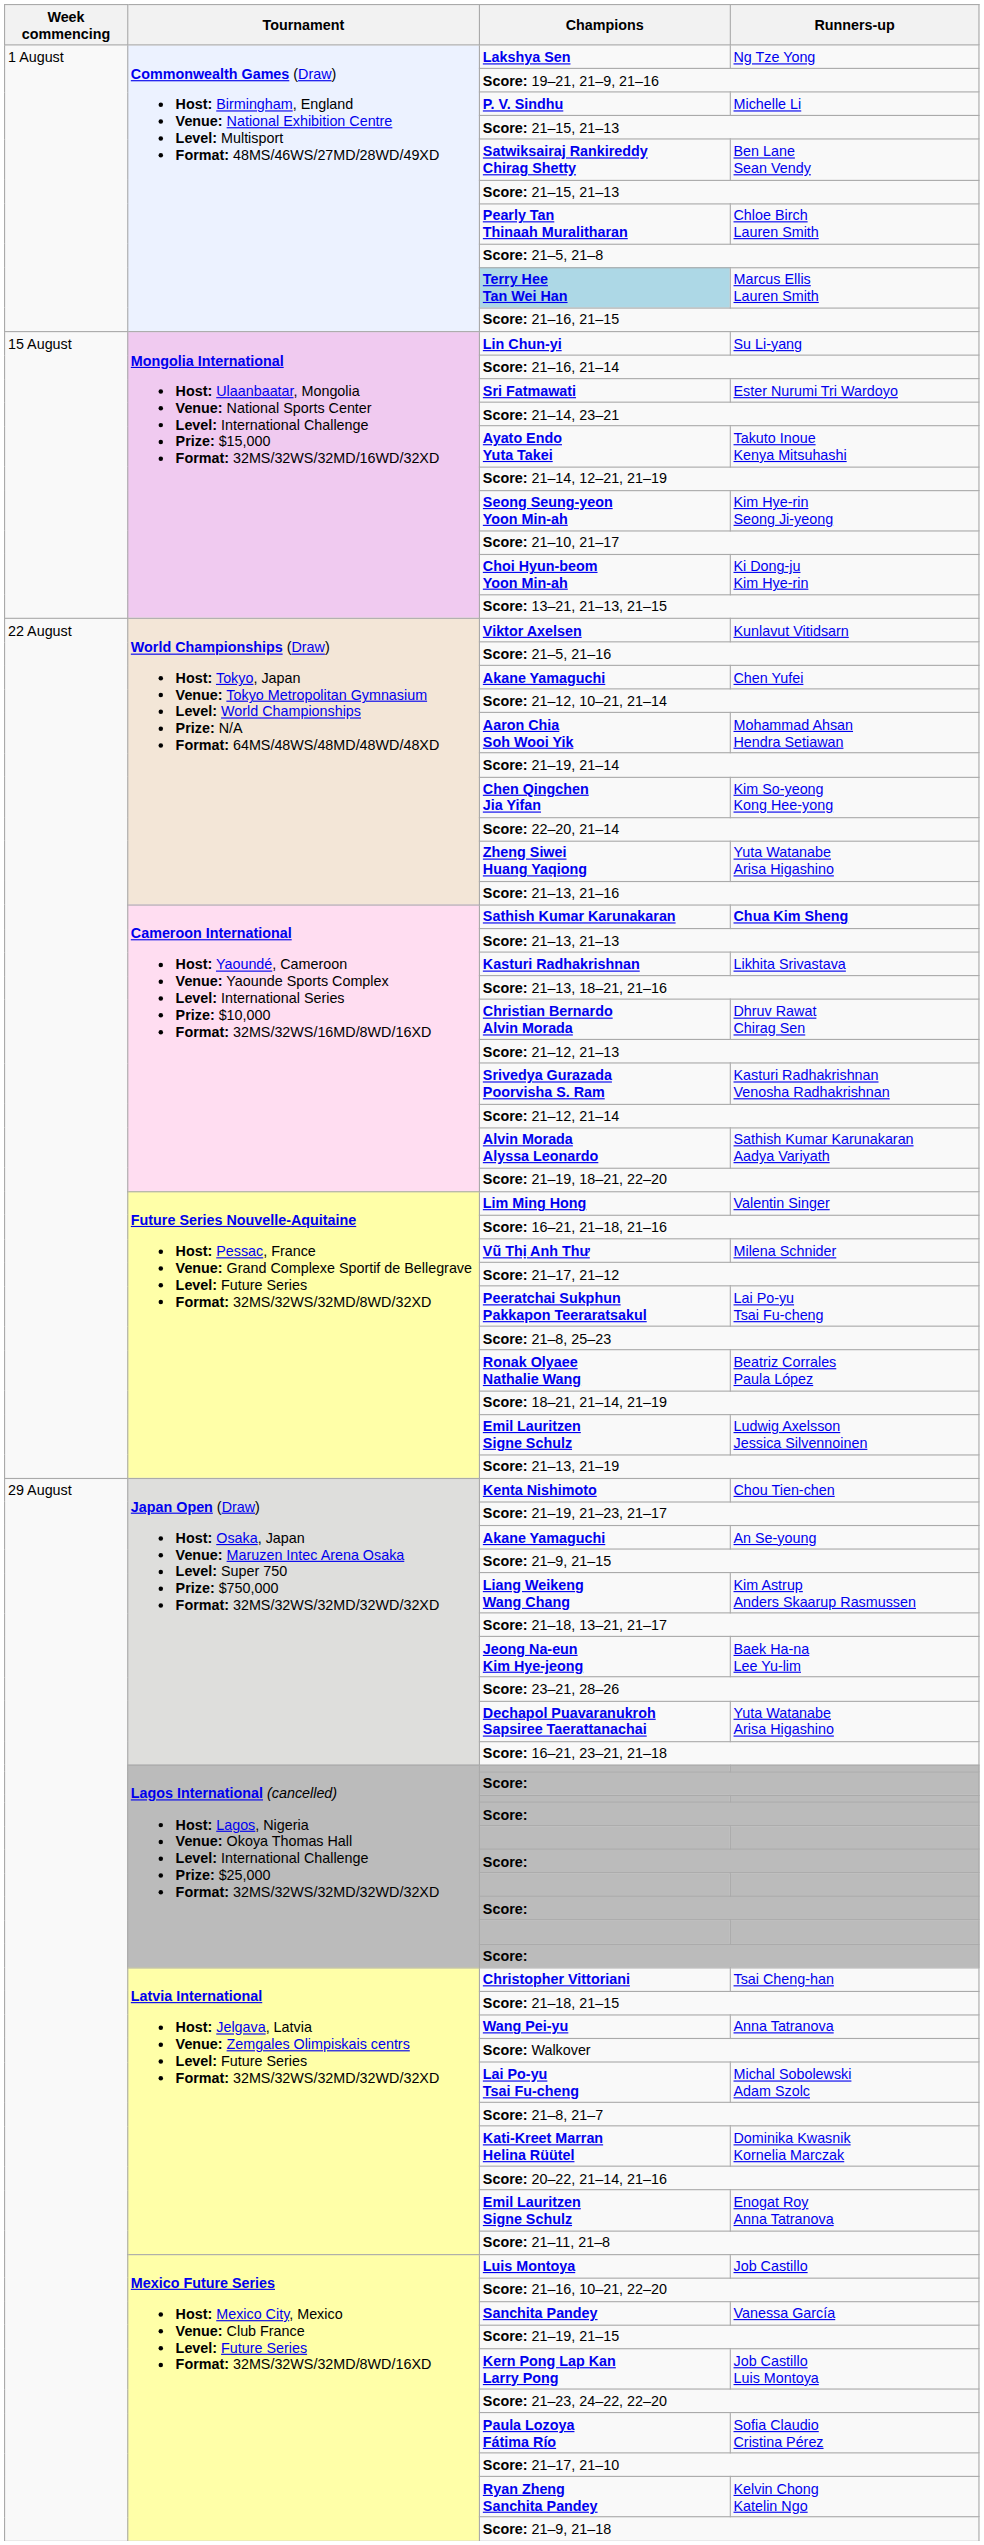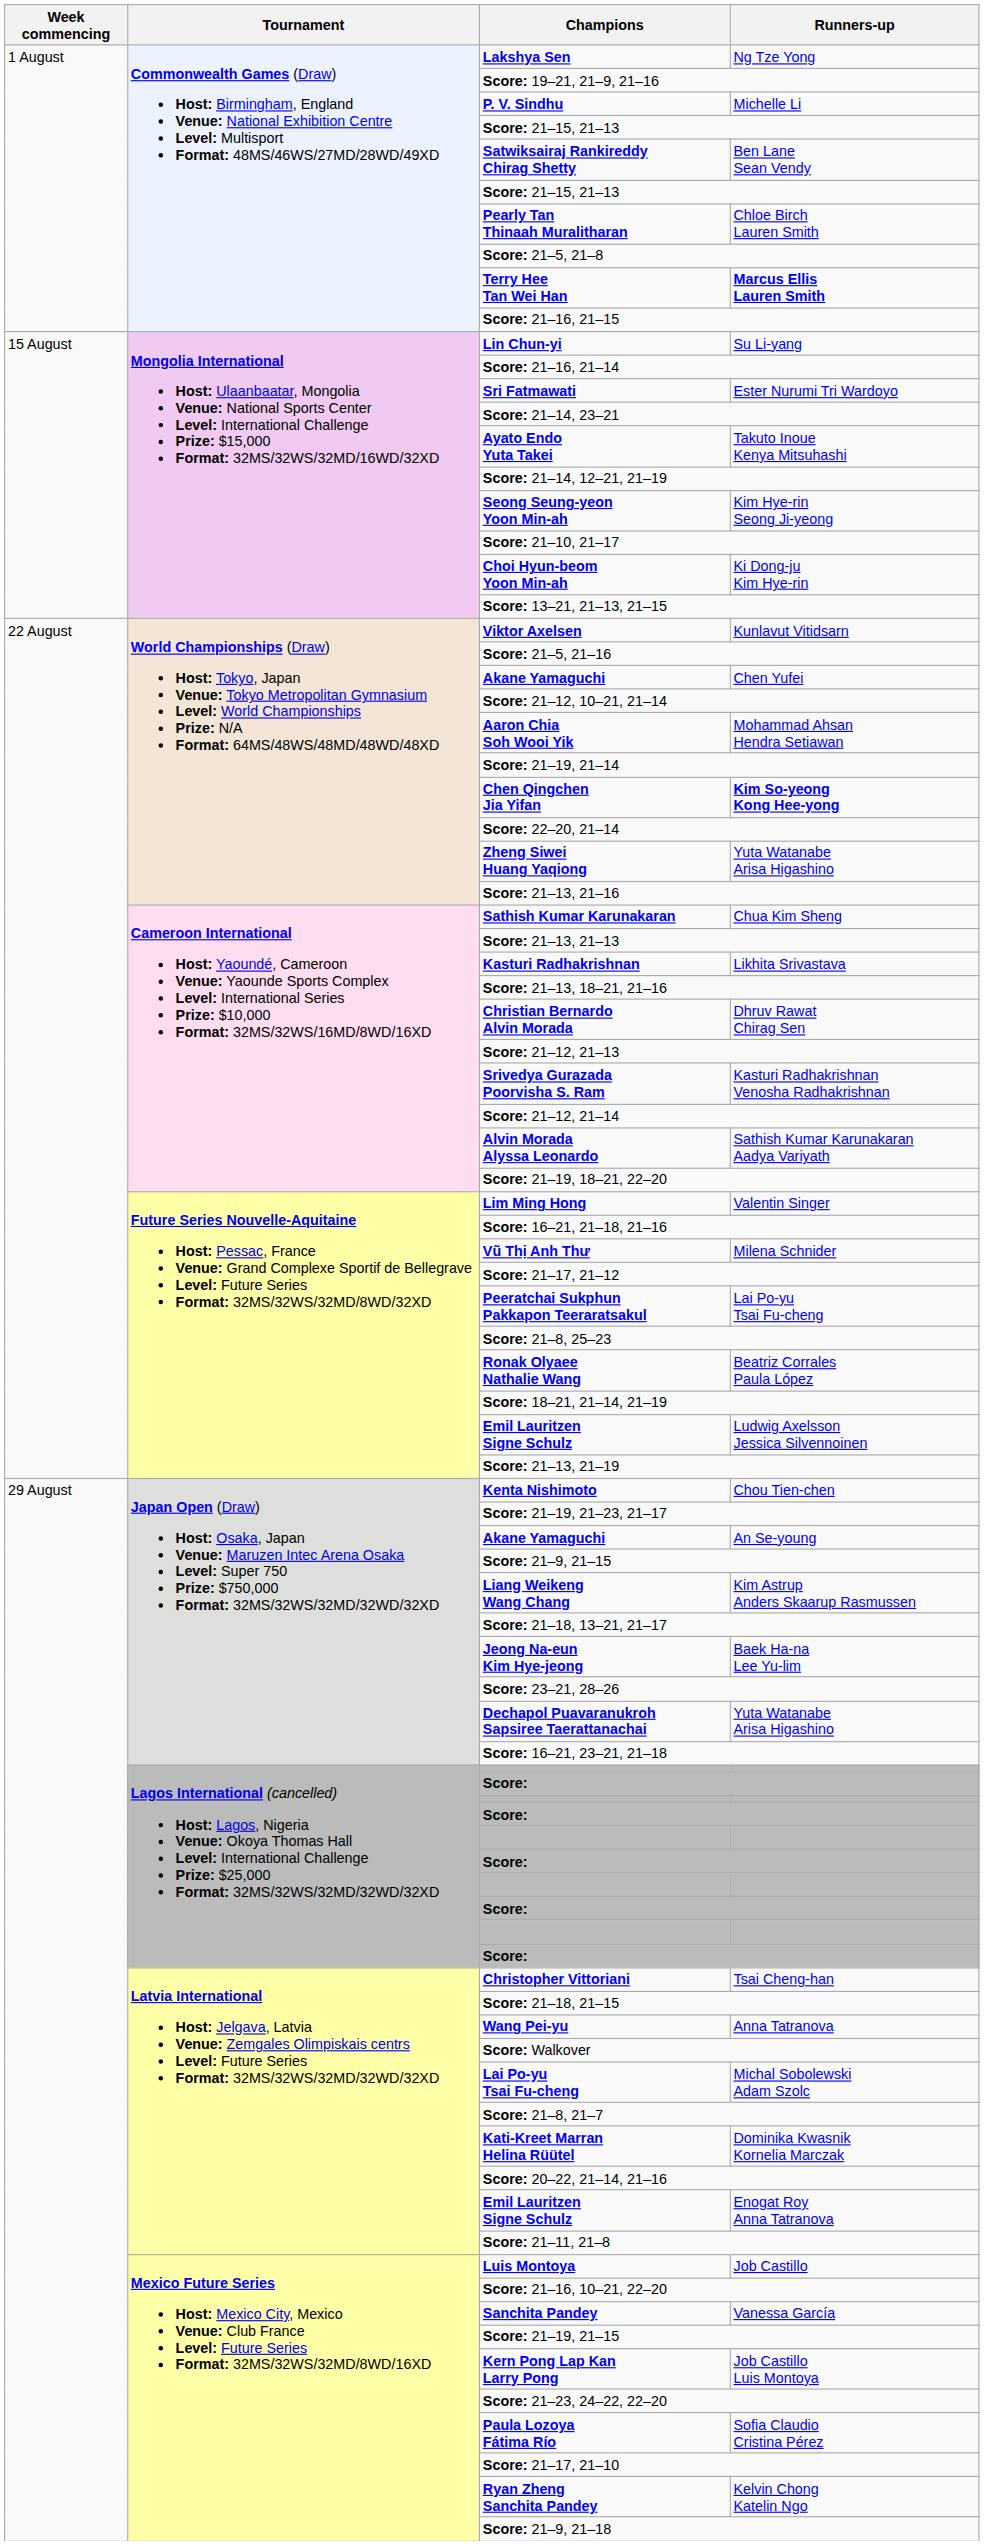 <table class="wikitable" style="font-size:80%">
 <tr>
 <th width="110">Week commencing</th>
 <th width="330">Tournament</th>
 <th width="250">Champions</th>
 <th width="250">Runners-up</th>
 </tr>
 <tr valign="top">
 <td rowspan="10">1 August</td>
 <td bgcolor="#ECF2FF" rowspan="10"><br><strong><a href='#'>Commonwealth Games</a></strong> (<a href='#'>Draw</a>)<ul><li><strong>Host:</strong> <a href='#'>Birmingham</a>, England</li><li><strong>Venue:</strong> <a href='#'>National Exhibition Centre</a></li><li><strong>Level:</strong> Multisport</li><li><strong>Format:</strong> 48MS/46WS/27MD/28WD/49XD</li></ul></td>
 <td><strong> <a href='#'>Lakshya Sen</a></strong></td>
 <td> <a href='#'>Ng Tze Yong</a></td>
 </tr>
 <tr>
 <td colspan="2"><strong>Score:</strong> 19–21, 21–9, 21–16</td>
 </tr>
 <tr valign="top">
 <td><strong> <a href='#'>P. V. Sindhu</a></strong></td>
 <td> <a href='#'>Michelle Li</a></td>
 </tr>
 <tr>
 <td colspan="2"><strong>Score:</strong> 21–15, 21–13</td>
 </tr>
 <tr valign="top">
 <td><strong> <a href='#'>Satwiksairaj Rankireddy</a><br> <a href='#'>Chirag Shetty</a></strong></td>
 <td> <a href='#'>Ben Lane</a><br> <a href='#'>Sean Vendy</a></td>
 </tr>
 <tr>
 <td colspan="2"><strong>Score:</strong> 21–15, 21–13</td>
 </tr>
 <tr valign="top">
 <td><strong> <a href='#'>Pearly Tan</a><br> <a href='#'>Thinaah Muralitharan</a></strong></td>
 <td> <a href='#'>Chloe Birch</a><br> <a href='#'>Lauren Smith</a></td>
 </tr>
 <tr>
 <td colspan="2"><strong>Score:</strong> 21–5, 21–8</td>
 </tr>
 <tr valign="top">
-<td style="background: lightblue;"><strong> <a href='#'>Terry Hee</a><br> <a href='#'>Tan Wei Han</a></strong></td>
-<td> <a href='#'>Marcus Ellis</a><br> <a href='#'>Lauren Smith</a></td>
+<td><strong> <a href='#'>Terry Hee</a><br> <a href='#'>Tan Wei Han</a></strong></td>
+<td><strong> <a href='#'>Marcus Ellis</a><br> <a href='#'>Lauren Smith</a></strong></td>
 </tr>
 <tr>
 <td colspan="2"><strong>Score:</strong> 21–16, 21–15</td>
 </tr>
 <tr valign="top">
 <td rowspan="10">15 August</td>
 <td bgcolor="#F0CAF0" rowspan="10"><br><strong><a href='#'>Mongolia International</a></strong><ul><li><strong>Host:</strong> <a href='#'>Ulaanbaatar</a>, Mongolia</li><li><strong>Venue:</strong> National Sports Center</li><li><strong>Level:</strong> International Challenge</li><li><strong>Prize:</strong> $15,000</li><li><strong>Format:</strong> 32MS/32WS/32MD/16WD/32XD</li></ul></td>
 <td><strong> <a href='#'>Lin Chun-yi</a></strong></td>
 <td> <a href='#'>Su Li-yang</a></td>
 </tr>
 <tr>
 <td colspan="2"><strong>Score:</strong> 21–16, 21–14</td>
 </tr>
 <tr valign="top">
 <td><strong> <a href='#'>Sri Fatmawati</a></strong></td>
 <td> <a href='#'>Ester Nurumi Tri Wardoyo</a></td>
 </tr>
 <tr>
 <td colspan="2"><strong>Score:</strong> 21–14, 23–21</td>
 </tr>
 <tr valign="top">
 <td><strong> <a href='#'>Ayato Endo</a><br> <a href='#'>Yuta Takei</a></strong></td>
 <td> <a href='#'>Takuto Inoue</a><br> <a href='#'>Kenya Mitsuhashi</a></td>
 </tr>
 <tr>
 <td colspan="2"><strong>Score:</strong> 21–14, 12–21, 21–19</td>
 </tr>
 <tr valign="top">
 <td><strong> <a href='#'>Seong Seung-yeon</a><br> <a href='#'>Yoon Min-ah</a></strong></td>
 <td> <a href='#'>Kim Hye-rin</a><br> <a href='#'>Seong Ji-yeong</a></td>
 </tr>
 <tr>
 <td colspan="2"><strong>Score:</strong> 21–10, 21–17</td>
 </tr>
 <tr valign="top">
 <td><strong> <a href='#'>Choi Hyun-beom</a><br> <a href='#'>Yoon Min-ah</a></strong></td>
 <td> <a href='#'>Ki Dong-ju</a> <br> <a href='#'>Kim Hye-rin</a></td>
 </tr>
 <tr>
 <td colspan="2"><strong>Score:</strong> 13–21, 21–13, 21–15</td>
 </tr>
 <tr valign="top">
 <td rowspan="30">22 August</td>
 <td rowspan="10" bgcolor="#F3E6D7"><br><strong><a href='#'>World Championships</a></strong> (<a href='#'>Draw</a>)<ul><li><strong>Host:</strong> <a href='#'>Tokyo</a>, Japan</li><li><strong>Venue:</strong> <a href='#'>Tokyo Metropolitan Gymnasium</a></li><li><strong>Level:</strong> <a href='#'>World Championships</a></li><li><strong>Prize:</strong> N/A</li><li><strong>Format:</strong> 64MS/48WS/48MD/48WD/48XD</li></ul></td>
 <td><strong> <a href='#'>Viktor Axelsen</a></strong></td>
 <td> <a href='#'>Kunlavut Vitidsarn</a></td>
 </tr>
 <tr>
 <td colspan="2"><strong>Score:</strong> 21–5, 21–16</td>
 </tr>
 <tr valign="top">
 <td><strong> <a href='#'>Akane Yamaguchi</a></strong></td>
 <td> <a href='#'>Chen Yufei</a></td>
 </tr>
 <tr>
 <td colspan="2"><strong>Score:</strong> 21–12, 10–21, 21–14</td>
 </tr>
 <tr valign="top">
 <td><strong> <a href='#'>Aaron Chia</a><br> <a href='#'>Soh Wooi Yik</a></strong></td>
 <td> <a href='#'>Mohammad Ahsan</a><br> <a href='#'>Hendra Setiawan</a></td>
 </tr>
 <tr>
 <td colspan="2"><strong>Score:</strong> 21–19, 21–14</td>
 </tr>
 <tr valign="top">
 <td><strong> <a href='#'>Chen Qingchen</a><br> <a href='#'>Jia Yifan</a></strong></td>
-<td> <a href='#'>Kim So-yeong</a><br> <a href='#'>Kong Hee-yong</a></td>
+<td><strong> <a href='#'>Kim So-yeong</a><br> <a href='#'>Kong Hee-yong</a></strong></td>
 </tr>
 <tr>
 <td colspan="2"><strong>Score:</strong> 22–20, 21–14</td>
 </tr>
 <tr valign="top">
 <td><strong> <a href='#'>Zheng Siwei</a><br> <a href='#'>Huang Yaqiong</a></strong></td>
 <td> <a href='#'>Yuta Watanabe</a><br> <a href='#'>Arisa Higashino</a></td>
 </tr>
 <tr>
 <td colspan="2"><strong>Score:</strong> 21–13, 21–16</td>
 </tr>
 <tr valign="top">
 <td bgcolor="#FFDDF1" rowspan="10"><br><strong><a href='#'>Cameroon International</a></strong><ul><li><strong>Host:</strong> <a href='#'>Yaoundé</a>, Cameroon</li><li><strong>Venue:</strong> Yaounde Sports Complex</li><li><strong>Level:</strong> International Series</li><li><strong>Prize:</strong> $10,000</li><li><strong>Format:</strong> 32MS/32WS/16MD/8WD/16XD</li></ul></td>
 <td><strong> <a href='#'>Sathish Kumar Karunakaran</a></strong></td>
-<td><strong> <a href='#'>Chua Kim Sheng</a></strong></td>
+<td> <a href='#'>Chua Kim Sheng</a></td>
 </tr>
 <tr>
 <td colspan="2"><strong>Score:</strong> 21–13, 21–13</td>
 </tr>
 <tr valign="top">
 <td><strong> <a href='#'>Kasturi Radhakrishnan</a></strong></td>
 <td> <a href='#'>Likhita Srivastava</a></td>
 </tr>
 <tr>
 <td colspan="2"><strong>Score:</strong> 21–13, 18–21, 21–16</td>
 </tr>
 <tr valign="top">
 <td><strong> <a href='#'>Christian Bernardo</a><br> <a href='#'>Alvin Morada</a></strong></td>
 <td> <a href='#'>Dhruv Rawat</a><br> <a href='#'>Chirag Sen</a></td>
 </tr>
 <tr>
 <td colspan="2"><strong>Score:</strong> 21–12, 21–13</td>
 </tr>
 <tr valign="top">
 <td><strong> <a href='#'>Srivedya Gurazada</a><br> <a href='#'>Poorvisha S. Ram</a></strong></td>
 <td> <a href='#'>Kasturi Radhakrishnan</a><br> <a href='#'>Venosha Radhakrishnan</a></td>
 </tr>
 <tr>
 <td colspan="2"><strong>Score:</strong> 21–12, 21–14</td>
 </tr>
 <tr valign="top">
 <td><strong> <a href='#'>Alvin Morada</a><br> <a href='#'>Alyssa Leonardo</a></strong></td>
 <td> <a href='#'>Sathish Kumar Karunakaran</a><br> <a href='#'>Aadya Variyath</a></td>
 </tr>
 <tr>
 <td colspan="2"><strong>Score:</strong> 21–19, 18–21, 22–20</td>
 </tr>
 <tr valign="top">
 <td bgcolor="#FFFFA8" rowspan="10"><br><strong><a href='#'>Future Series Nouvelle-Aquitaine</a></strong><ul><li><strong>Host:</strong> <a href='#'>Pessac</a>, France</li><li><strong>Venue:</strong> Grand Complexe Sportif de Bellegrave</li><li><strong>Level:</strong> Future Series</li><li><strong>Format:</strong> 32MS/32WS/32MD/8WD/32XD</li></ul></td>
 <td><strong> <a href='#'>Lim Ming Hong</a></strong></td>
 <td> <a href='#'>Valentin Singer</a></td>
 </tr>
 <tr>
 <td colspan="2"><strong>Score:</strong> 16–21, 21–18, 21–16</td>
 </tr>
 <tr valign="top">
 <td><strong> <a href='#'>Vũ Thị Anh Thư</a></strong></td>
 <td> <a href='#'>Milena Schnider</a></td>
 </tr>
 <tr>
 <td colspan="2"><strong>Score:</strong> 21–17, 21–12</td>
 </tr>
 <tr valign="top">
 <td><strong> <a href='#'>Peeratchai Sukphun</a><br> <a href='#'>Pakkapon Teeraratsakul</a></strong></td>
 <td> <a href='#'>Lai Po-yu</a><br> <a href='#'>Tsai Fu-cheng</a></td>
 </tr>
 <tr>
 <td colspan="2"><strong>Score:</strong> 21–8, 25–23</td>
 </tr>
 <tr valign="top">
 <td><strong> <a href='#'>Ronak Olyaee</a><br> <a href='#'>Nathalie Wang</a></strong></td>
 <td> <a href='#'>Beatriz Corrales</a><br> <a href='#'>Paula López</a></td>
 </tr>
 <tr>
 <td colspan="2"><strong>Score:</strong> 18–21, 21–14, 21–19</td>
 </tr>
 <tr valign="top">
 <td><strong> <a href='#'>Emil Lauritzen</a><br> <a href='#'>Signe Schulz</a></strong></td>
 <td> <a href='#'>Ludwig Axelsson</a><br> <a href='#'>Jessica Silvennoinen</a></td>
 </tr>
 <tr>
 <td colspan="2"><strong>Score:</strong> 21–13, 21–19</td>
 </tr>
 <tr valign="top">
 <td rowspan="40">29 August</td>
 <td bgcolor="#DEDEDC" rowspan="10"><br><strong><a href='#'>Japan Open</a></strong> (<a href='#'>Draw</a>)<ul><li><strong>Host:</strong> <a href='#'>Osaka</a>, Japan</li><li><strong>Venue:</strong> <a href='#'>Maruzen Intec Arena Osaka</a></li><li><strong>Level:</strong> Super 750</li><li><strong>Prize:</strong> $750,000</li><li><strong>Format:</strong> 32MS/32WS/32MD/32WD/32XD</li></ul></td>
 <td><strong> <a href='#'>Kenta Nishimoto</a></strong></td>
 <td> <a href='#'>Chou Tien-chen</a></td>
 </tr>
 <tr>
 <td colspan="2"><strong>Score:</strong> 21–19, 21–23, 21–17</td>
 </tr>
 <tr valign="top">
 <td><strong> <a href='#'>Akane Yamaguchi</a></strong></td>
 <td> <a href='#'>An Se-young</a></td>
 </tr>
 <tr>
 <td colspan="2"><strong>Score:</strong> 21–9, 21–15</td>
 </tr>
 <tr valign="top">
 <td><strong> <a href='#'>Liang Weikeng</a><br> <a href='#'>Wang Chang</a></strong></td>
 <td> <a href='#'>Kim Astrup</a><br> <a href='#'>Anders Skaarup Rasmussen</a></td>
 </tr>
 <tr>
 <td colspan="2"><strong>Score:</strong> 21–18, 13–21, 21–17</td>
 </tr>
 <tr valign="top">
 <td><strong> <a href='#'>Jeong Na-eun</a><br> <a href='#'>Kim Hye-jeong</a></strong></td>
 <td> <a href='#'>Baek Ha-na</a><br> <a href='#'>Lee Yu-lim</a></td>
 </tr>
 <tr>
 <td colspan="2"><strong>Score:</strong> 23–21, 28–26</td>
 </tr>
 <tr valign="top">
 <td><strong> <a href='#'>Dechapol Puavaranukroh</a><br> <a href='#'>Sapsiree Taerattanachai</a></strong></td>
 <td> <a href='#'>Yuta Watanabe</a><br> <a href='#'>Arisa Higashino</a></td>
 </tr>
 <tr>
 <td colspan="2"><strong>Score:</strong> 16–21, 23–21, 21–18</td>
 </tr>
 <tr valign="top" bgcolor="#BBBBBB">
 <td bgcolor="#BBBBBB" rowspan="10"><br><strong><a href='#'>Lagos International</a></strong> <em>(cancelled)</em><ul><li><strong>Host:</strong> <a href='#'>Lagos</a>, Nigeria</li><li><strong>Venue:</strong> Okoya Thomas Hall</li><li><strong>Level:</strong> International Challenge</li><li><strong>Prize:</strong> $25,000</li><li><strong>Format:</strong> 32MS/32WS/32MD/32WD/32XD</li></ul></td>
 <td><strong> </strong></td>
 <td></td>
 </tr>
 <tr bgcolor="#BBBBBB">
 <td colspan="2"><strong>Score:</strong></td>
 </tr>
 <tr valign="top" bgcolor="#BBBBBB">
 <td><strong> </strong></td>
 <td></td>
 </tr>
 <tr bgcolor="#BBBBBB">
 <td colspan="2"><strong>Score:</strong></td>
 </tr>
 <tr valign="top" bgcolor="#BBBBBB">
 <td><strong> <br> </strong></td>
 <td> <br></td>
 </tr>
 <tr bgcolor="#BBBBBB">
 <td colspan="2"><strong>Score:</strong></td>
 </tr>
 <tr valign="top" bgcolor="#BBBBBB">
 <td><strong> <br> </strong></td>
 <td> <br></td>
 </tr>
 <tr bgcolor="#BBBBBB">
 <td colspan="2"><strong>Score:</strong></td>
 </tr>
 <tr valign="top" bgcolor="#BBBBBB">
 <td><strong> <br> </strong></td>
 <td> <br></td>
 </tr>
 <tr bgcolor="#BBBBBB">
 <td colspan="2"><strong>Score:</strong></td>
 </tr>
 <tr valign="top">
 <td bgcolor="#FFFFA8" rowspan="10"><br><strong><a href='#'>Latvia International</a></strong><ul><li><strong>Host:</strong> <a href='#'>Jelgava</a>, Latvia</li><li><strong>Venue:</strong> <a href='#'>Zemgales Olimpiskais centrs</a></li><li><strong>Level:</strong> Future Series</li><li><strong>Format:</strong> 32MS/32WS/32MD/32WD/32XD</li></ul></td>
 <td><strong> <a href='#'>Christopher Vittoriani</a></strong></td>
 <td> <a href='#'>Tsai Cheng-han</a></td>
 </tr>
 <tr>
 <td colspan="2"><strong>Score:</strong> 21–18, 21–15</td>
 </tr>
 <tr valign="top">
 <td><strong> <a href='#'>Wang Pei-yu</a></strong></td>
 <td> <a href='#'>Anna Tatranova</a></td>
 </tr>
 <tr>
 <td colspan="2"><strong>Score:</strong> Walkover</td>
 </tr>
 <tr valign="top">
 <td><strong> <a href='#'>Lai Po-yu</a><br> <a href='#'>Tsai Fu-cheng</a></strong></td>
 <td> <a href='#'>Michal Sobolewski</a><br> <a href='#'>Adam Szolc</a></td>
 </tr>
 <tr>
 <td colspan="2"><strong>Score:</strong> 21–8, 21–7</td>
 </tr>
 <tr valign="top">
 <td><strong> <a href='#'>Kati-Kreet Marran</a><br> <a href='#'>Helina Rüütel</a></strong></td>
 <td> <a href='#'>Dominika Kwasnik</a><br> <a href='#'>Kornelia Marczak</a></td>
 </tr>
 <tr>
 <td colspan="2"><strong>Score:</strong> 20–22, 21–14, 21–16</td>
 </tr>
 <tr valign="top">
 <td><strong> <a href='#'>Emil Lauritzen</a><br> <a href='#'>Signe Schulz</a></strong></td>
 <td> <a href='#'>Enogat Roy</a><br> <a href='#'>Anna Tatranova</a></td>
 </tr>
 <tr>
 <td colspan="2"><strong>Score:</strong> 21–11, 21–8</td>
 </tr>
 <tr valign=top>
 <td style="background:#FFFFA8;" rowspan="10"><br><strong><a href='#'>Mexico Future Series</a></strong><ul><li><strong>Host:</strong> <a href='#'>Mexico City</a>, Mexico</li><li><strong>Venue:</strong> Club France</li><li><strong>Level:</strong> <a href='#'>Future Series</a></li><li><strong>Format:</strong> 32MS/32WS/32MD/8WD/16XD</li></ul></td>
 <td><strong> <a href='#'>Luis Montoya</a></strong></td>
 <td> <a href='#'>Job Castillo</a></td>
 </tr>
 <tr>
 <td colspan="2"><strong>Score:</strong> 21–16, 10–21, 22–20</td>
 </tr>
 <tr valign="top">
 <td><strong> <a href='#'>Sanchita Pandey</a></strong></td>
 <td> <a href='#'>Vanessa García</a></td>
 </tr>
 <tr>
 <td colspan="2"><strong>Score:</strong> 21–19, 21–15</td>
 </tr>
 <tr valign="top">
 <td><strong> <a href='#'>Kern Pong Lap Kan</a><br> <a href='#'>Larry Pong</a></strong></td>
 <td> <a href='#'>Job Castillo</a><br> <a href='#'>Luis Montoya</a></td>
 </tr>
 <tr>
 <td colspan="2"><strong>Score:</strong> 21–23, 24–22, 22–20</td>
 </tr>
 <tr valign="top">
 <td><strong> <a href='#'>Paula Lozoya</a><br> <a href='#'>Fátima Río</a></strong></td>
 <td> <a href='#'>Sofia Claudio</a><br> <a href='#'>Cristina Pérez</a></td>
 </tr>
 <tr>
 <td colspan="2"><strong>Score:</strong> 21–17, 21–10</td>
 </tr>
 <tr valign="top">
 <td><strong> <a href='#'>Ryan Zheng</a><br> <a href='#'>Sanchita Pandey</a></strong></td>
 <td> <a href='#'>Kelvin Chong</a><br> <a href='#'>Katelin Ngo</a></td>
 </tr>
 <tr>
 <td colspan="2"><strong>Score:</strong> 21–9, 21–18</td>
 </tr>
 </table>
